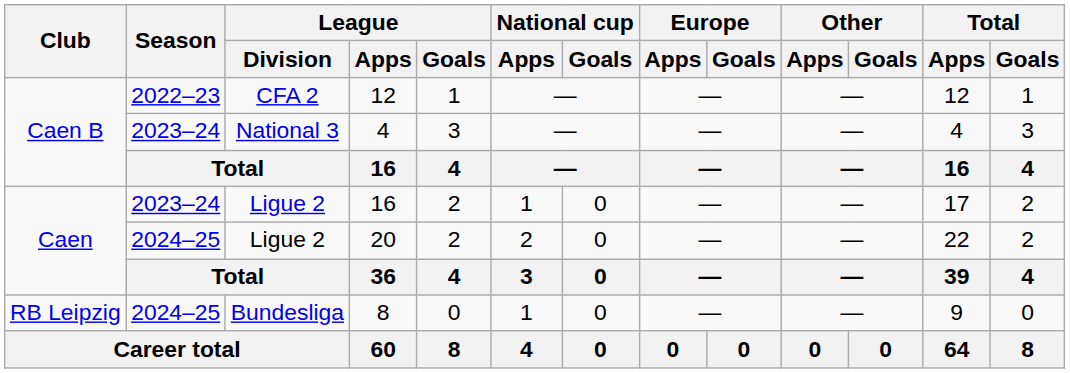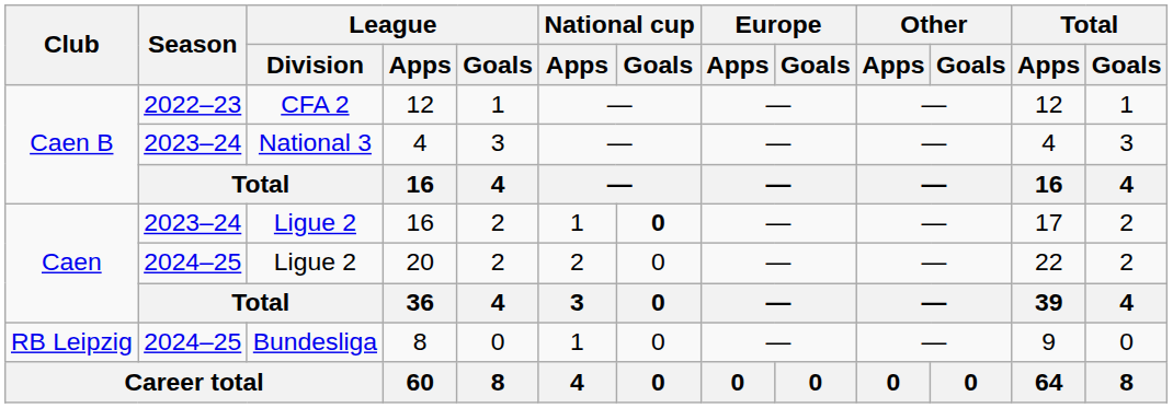 <table class="wikitable" style="text-align: center;">
 <tr>
 <th rowspan="2">Club</th>
 <th rowspan="2">Season</th>
 <th colspan="3">League</th>
 <th colspan="2">National cup</th>
 <th colspan="2">Europe</th>
 <th colspan="2">Other</th>
 <th colspan="2">Total</th>
 </tr>
 <tr>
 <th>Division</th>
 <th>Apps</th>
 <th>Goals</th>
 <th>Apps</th>
 <th>Goals</th>
 <th>Apps</th>
 <th>Goals</th>
 <th>Apps</th>
 <th>Goals</th>
 <th>Apps</th>
 <th>Goals</th>
 </tr>
 <tr>
 <td rowspan="3"><a href='#'>Caen B</a></td>
 <td><a href='#'>2022–23</a></td>
 <td><a href='#'>CFA 2</a></td>
 <td>12</td>
 <td>1</td>
 <td colspan="2">—</td>
 <td colspan="2">—</td>
 <td colspan="2">—</td>
 <td>12</td>
 <td>1</td>
 </tr>
 <tr>
 <td><a href='#'>2023–24</a></td>
 <td><a href='#'>National 3</a></td>
 <td>4</td>
 <td>3</td>
 <td colspan="2">—</td>
 <td colspan="2">—</td>
 <td colspan="2">—</td>
 <td>4</td>
 <td>3</td>
 </tr>
 <tr>
 <th colspan="2">Total</th>
 <th>16</th>
 <th>4</th>
 <th colspan="2">—</th>
 <th colspan="2">—</th>
 <th colspan="2">—</th>
 <th>16</th>
 <th>4</th>
 </tr>
 <tr>
 <td rowspan="3"><a href='#'>Caen</a></td>
 <td><a href='#'>2023–24</a></td>
 <td><a href='#'>Ligue 2</a></td>
 <td>16</td>
 <td>2</td>
 <td>1</td>
-<td>0</td>
+<td><strong>0</strong></td>
 <td colspan="2">—</td>
 <td colspan="2">—</td>
 <td>17</td>
 <td>2</td>
 </tr>
 <tr>
 <td><a href='#'>2024–25</a></td>
 <td>Ligue 2</td>
 <td>20</td>
 <td>2</td>
 <td>2</td>
 <td>0</td>
 <td colspan="2">—</td>
 <td colspan="2">—</td>
 <td>22</td>
 <td>2</td>
 </tr>
 <tr>
 <th colspan="2">Total</th>
 <th>36</th>
 <th>4</th>
 <th>3</th>
 <th>0</th>
 <th colspan="2">—</th>
 <th colspan="2">—</th>
 <th>39</th>
 <th>4</th>
 </tr>
 <tr>
 <td><a href='#'>RB Leipzig</a></td>
 <td><a href='#'>2024–25</a></td>
 <td><a href='#'>Bundesliga</a></td>
 <td>8</td>
 <td>0</td>
 <td>1</td>
 <td>0</td>
 <td colspan="2">—</td>
 <td colspan="2">—</td>
 <td>9</td>
 <td>0</td>
 </tr>
 <tr>
 <th colspan="3">Career total</th>
 <th>60</th>
 <th>8</th>
 <th>4</th>
 <th>0</th>
 <th>0</th>
 <th>0</th>
 <th>0</th>
 <th>0</th>
 <th>64</th>
 <th>8</th>
 </tr>
 </table>
